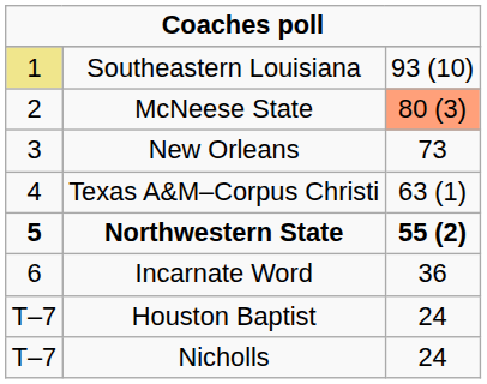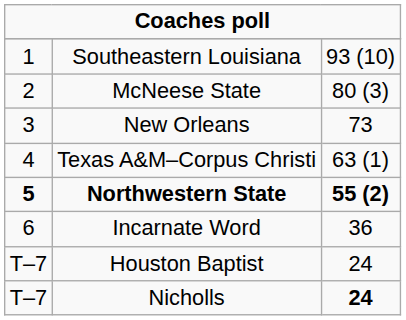 <table class="wikitable">
 <tr align="center">
 <td align="center" Colspan="3"><strong>Coaches poll</strong></td>
 </tr>
 <tr align="center">
 </tr>
 <tr align="center">
-<td style="background: khaki;">1</td>
+<td>1</td>
 <td>Southeastern Louisiana</td>
 <td>93 (10)</td>
 </tr>
 <tr align="center">
 <td>2</td>
 <td>McNeese State</td>
-<td style="background: lightsalmon;">80 (3)</td>
+<td>80 (3)</td>
 </tr>
 <tr align="center">
 <td>3</td>
 <td>New Orleans</td>
 <td>73</td>
 </tr>
 <tr align="center">
 <td>4</td>
 <td>Texas A&M–Corpus Christi</td>
 <td>63 (1)</td>
 </tr>
 <tr align="center">
 <td><strong>5</strong></td>
 <td><strong>Northwestern State</strong></td>
 <td><strong>55 (2)</strong></td>
 </tr>
 <tr align="center">
 <td>6</td>
 <td>Incarnate Word</td>
 <td>36</td>
 </tr>
 <tr align="center">
 <td>T–7</td>
 <td>Houston Baptist</td>
 <td>24</td>
 </tr>
 <tr align="center">
 <td>T–7</td>
 <td>Nicholls</td>
-<td>24</td>
+<td><strong>24</strong></td>
 </tr>
 </table>
